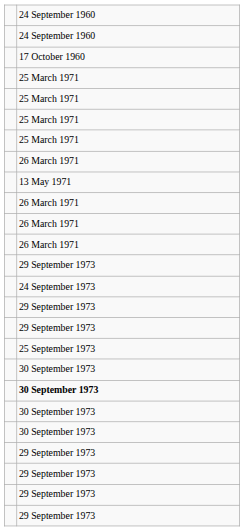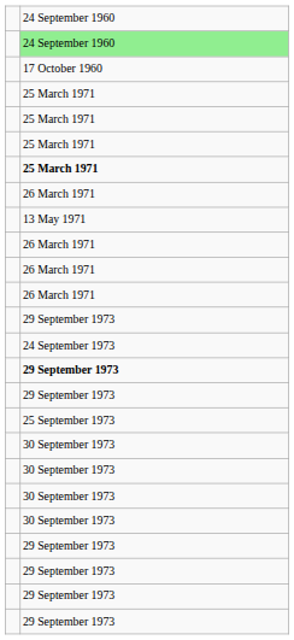 <table class="wikitable" style="font-size: 89%; float: left; width: 24em; margin-right: 1em; line-height: 1.65em">
 <tr>
 <td></td>
 <td>24 September 1960</td>
 </tr>
 <tr>
 <td></td>
-<td>24 September 1960</td>
+<td style="background: lightgreen;">24 September 1960</td>
 </tr>
 <tr>
 <td></td>
 <td>17 October 1960</td>
 </tr>
 <tr>
 <td></td>
 <td>25 March 1971</td>
 </tr>
 <tr>
 <td></td>
 <td>25 March 1971</td>
 </tr>
 <tr>
 <td></td>
 <td>25 March 1971</td>
 </tr>
 <tr>
 <td></td>
-<td>25 March 1971</td>
+<td><strong>25 March 1971</strong></td>
 </tr>
 <tr>
 <td></td>
 <td>26 March 1971</td>
 </tr>
 <tr>
 <td></td>
 <td>13 May 1971</td>
 </tr>
 <tr>
 <td></td>
 <td>26 March 1971</td>
 </tr>
 <tr>
 <td></td>
 <td>26 March 1971</td>
 </tr>
 <tr>
 <td></td>
 <td>26 March 1971</td>
 </tr>
 <tr>
 <td></td>
 <td>29 September 1973</td>
 </tr>
 <tr>
 <td></td>
 <td>24 September 1973</td>
 </tr>
 <tr>
 <td></td>
-<td>29 September 1973</td>
+<td><strong>29 September 1973</strong></td>
 </tr>
 <tr>
 <td></td>
 <td>29 September 1973</td>
 </tr>
 <tr>
 <td></td>
 <td>25 September 1973</td>
 </tr>
 <tr>
 <td></td>
 <td>30 September 1973</td>
 </tr>
 <tr>
 <td></td>
-<td><strong>30 September 1973</strong></td>
+<td>30 September 1973</td>
 </tr>
 <tr>
 <td></td>
 <td>30 September 1973</td>
 </tr>
 <tr>
 <td></td>
 <td>30 September 1973</td>
 </tr>
 <tr>
 <td></td>
 <td>29 September 1973</td>
 </tr>
 <tr>
 <td></td>
 <td>29 September 1973</td>
 </tr>
 <tr>
 <td></td>
 <td>29 September 1973</td>
 </tr>
 <tr>
 <td></td>
 <td>29 September 1973</td>
 </tr>
 </table>
